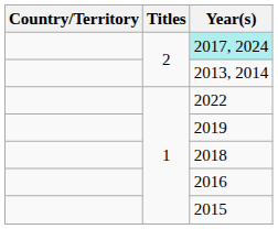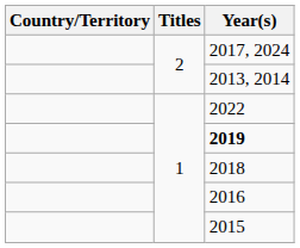 <table class="wikitable sortable" style="font-size:95%;">
 <tr>
 <th>Country/Territory</th>
 <th>Titles</th>
 <th>Year(s)</th>
 </tr>
 <tr>
 <td></td>
 <td rowspan="2" style="text-align:center;">2</td>
-<td style="background: paleturquoise;">2017, 2024</td>
+<td>2017, 2024</td>
 </tr>
 <tr>
 <td></td>
 <td>2013, 2014</td>
 </tr>
 <tr>
 <td></td>
 <td rowspan="5" style="text-align:center;">1</td>
 <td>2022</td>
 </tr>
 <tr>
 <td></td>
-<td>2019</td>
+<td><strong>2019</strong></td>
 </tr>
 <tr>
 <td></td>
 <td>2018</td>
 </tr>
 <tr>
 <td></td>
 <td>2016</td>
 </tr>
 <tr>
 <td></td>
 <td>2015</td>
 </tr>
 </table>
